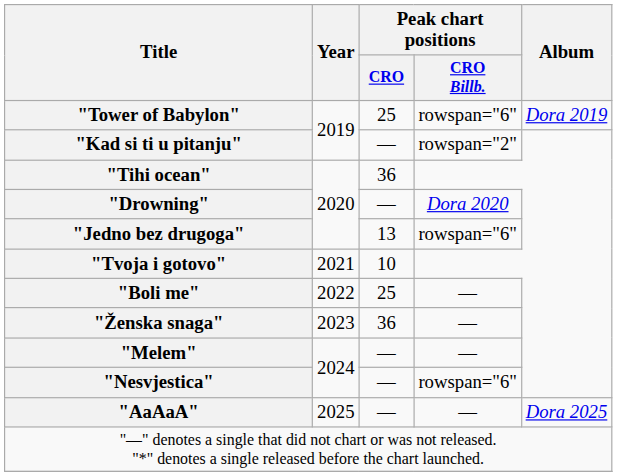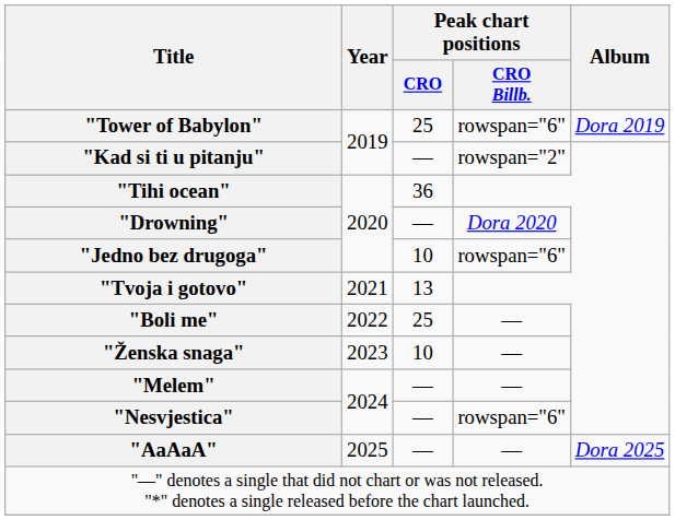 <table class="wikitable plainrowheaders" style="text-align:center;">
 <tr>
 <th scope="col" rowspan="2" style="width:16em;">Title</th>
 <th scope="col" rowspan="2" style="width:1em;">Year</th>
 <th scope="col" colspan="2">Peak chart positions</th>
 <th scope="col" rowspan="2">Album</th>
 </tr>
 <tr>
 <th scope="col" style="width:3em;font-size:85%;"><a href='#'>CRO</a><br></th>
 <th scope="col" style="width:3em;font-size:85%;"><a href='#'>CRO<br><em>Billb.</em></a><br></th>
 </tr>
 <tr>
 <th scope="row">"Tower of Babylon"</th>
 <td rowspan="2">2019</td>
 <td>25</td>
 <td>rowspan="6" </td>
 <td><em><a href='#'>Dora 2019</a></em></td>
 </tr>
 <tr>
 <th scope="row">"Kad si ti u pitanju"</th>
 <td>—</td>
 <td>rowspan="2" </td>
 </tr>
 <tr>
 <th scope="row">"Tihi ocean"</th>
 <td rowspan="3">2020</td>
 <td>36</td>
 </tr>
 <tr>
 <th scope="row">"Drowning"</th>
 <td>—</td>
 <td><em><a href='#'>Dora 2020</a></em></td>
 </tr>
 <tr>
 <th scope="row">"Jedno bez drugoga"</th>
-<td>13</td>
+<td>10</td>
 <td>rowspan="6" </td>
 </tr>
 <tr>
 <th scope="row">"Tvoja i gotovo"</th>
 <td>2021</td>
-<td>10</td>
+<td>13</td>
 </tr>
 <tr>
 <th scope="row">"Boli me"</th>
 <td>2022</td>
 <td>25</td>
 <td>―</td>
 </tr>
 <tr>
 <th scope="row">"Ženska snaga"</th>
 <td>2023</td>
-<td>36</td>
+<td>10</td>
 <td>―</td>
 </tr>
 <tr>
 <th scope="row">"Melem"</th>
 <td rowspan="2">2024</td>
 <td>—</td>
 <td>―</td>
 </tr>
 <tr>
 <th scope="row">"Nesvjestica"<br></th>
 <td>—</td>
 <td>rowspan="6" </td>
 </tr>
 <tr>
 <th scope="row">"AaAaA"<br></th>
 <td>2025</td>
 <td>—</td>
 <td>—</td>
 <td><em><a href='#'>Dora 2025</a></em></td>
 </tr>
 <tr>
 <td colspan="20" style="text-align:center; font-size:85%;">"—" denotes a single that did not chart or was not released.<br>"*" denotes a single released before the chart launched.</td>
 </tr>
 <tr>
 </tr>
 </table>
